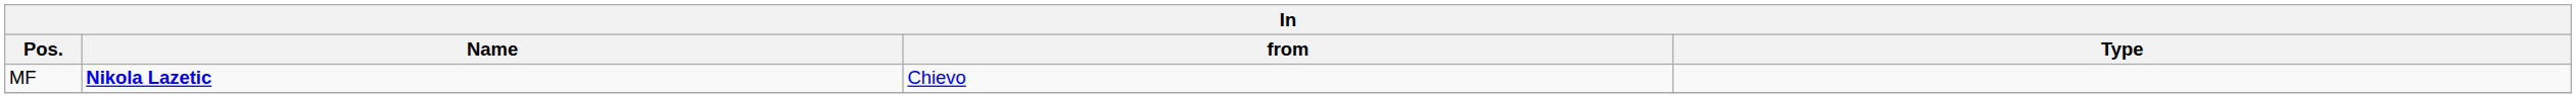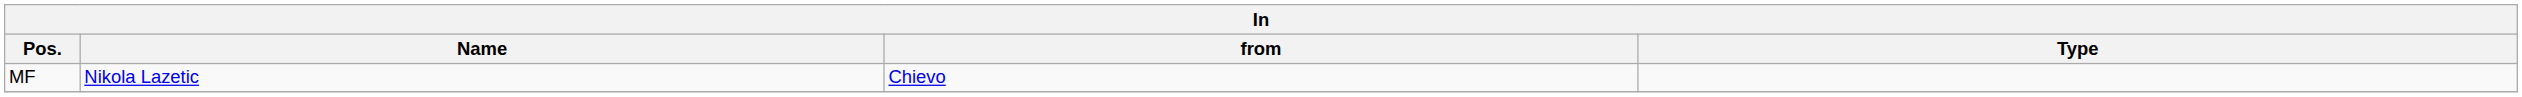 <table class="wikitable" style="font-size:90%;width:99%;">
 <tr>
 <th colspan="4">In</th>
 </tr>
 <tr>
 <th width=3%>Pos.</th>
 <th width=32%>Name</th>
 <th width=30%>from</th>
 <th width=35%>Type</th>
 </tr>
 <tr>
 <td>MF</td>
-<td><strong><a href='#'>Nikola Lazetic</a></strong></td>
+<td><a href='#'>Nikola Lazetic</a></td>
 <td><a href='#'>Chievo</a></td>
 <td></td>
 </tr>
 <tr>
 </tr>
 </table>
